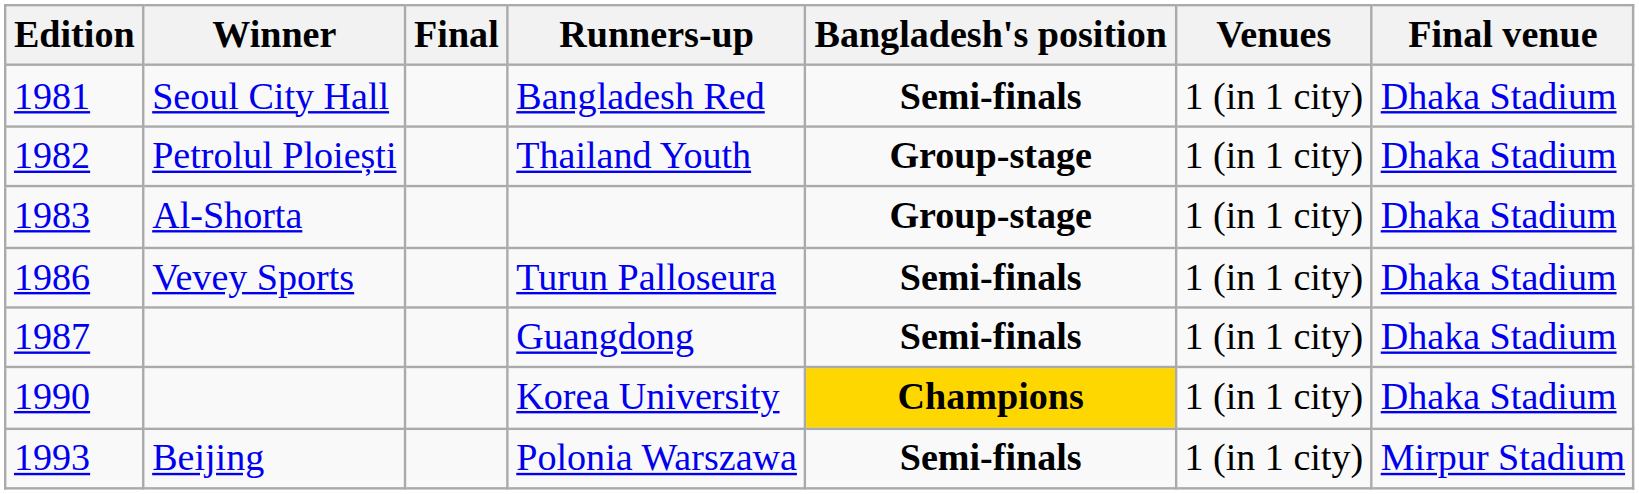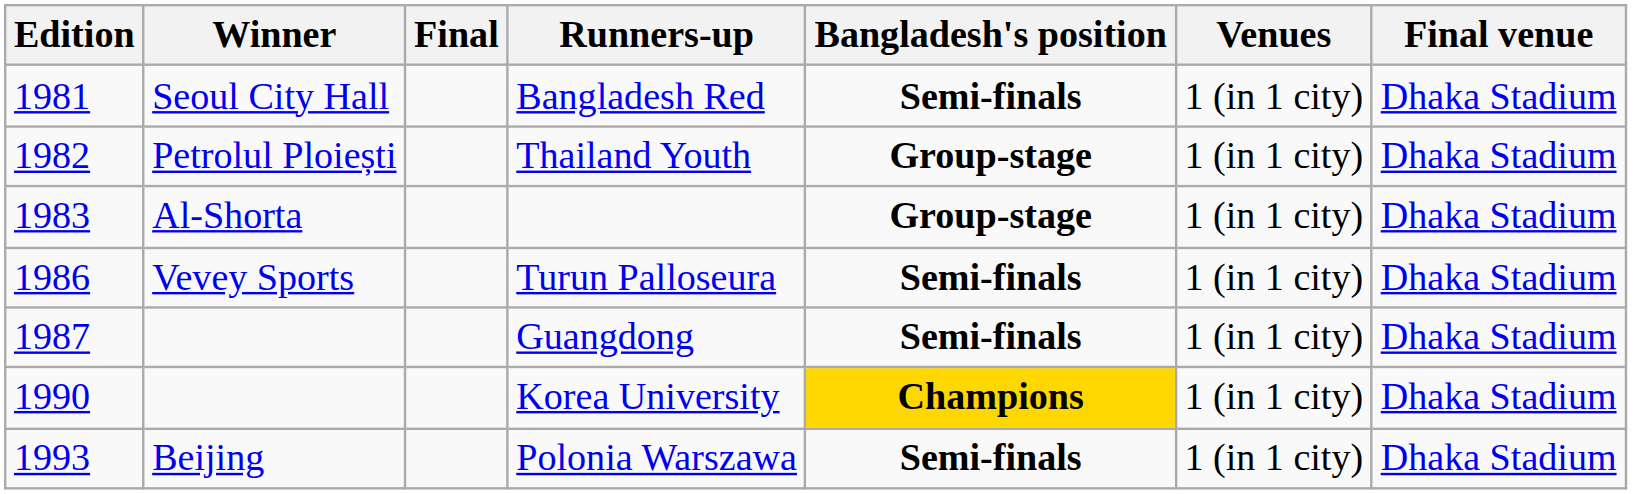 <table class="wikitable">
 <tr>
 <th>Edition</th>
 <th>Winner</th>
 <th>Final</th>
 <th>Runners-up</th>
 <th>Bangladesh's position</th>
 <th>Venues</th>
 <th>Final venue</th>
 </tr>
 <tr>
 <td><a href='#'>1981</a></td>
 <td> <a href='#'>Seoul City Hall</a></td>
 <td></td>
 <td> <a href='#'>Bangladesh Red</a></td>
 <td style="text-align:center"><strong>Semi-finals</strong></td>
 <td>1 (in 1 city)</td>
 <td><a href='#'>Dhaka Stadium</a></td>
 </tr>
 <tr>
 <td><a href='#'>1982</a></td>
 <td>  <a href='#'>Petrolul Ploiești</a></td>
 <td></td>
 <td> <a href='#'>Thailand Youth</a></td>
 <td align="center"><strong>Group-stage</strong></td>
 <td>1 (in 1 city)</td>
 <td><a href='#'>Dhaka Stadium</a></td>
 </tr>
 <tr>
 <td><a href='#'>1983</a></td>
 <td> <a href='#'>Al-Shorta</a></td>
 <td></td>
 <td></td>
 <td align="center"><strong>Group-stage</strong></td>
 <td>1 (in 1 city)</td>
 <td><a href='#'>Dhaka Stadium</a></td>
 </tr>
 <tr>
 <td><a href='#'>1986</a></td>
 <td> <a href='#'>Vevey Sports</a></td>
 <td></td>
 <td> <a href='#'>Turun Palloseura</a></td>
 <td style="text-align:center"><strong>Semi-finals</strong></td>
 <td>1 (in 1 city)</td>
 <td><a href='#'>Dhaka Stadium</a></td>
 </tr>
 <tr>
 <td><a href='#'>1987</a></td>
 <td></td>
 <td></td>
 <td> <a href='#'>Guangdong</a></td>
 <td style="text-align:center"><strong>Semi-finals</strong></td>
 <td>1 (in 1 city)</td>
 <td><a href='#'>Dhaka Stadium</a></td>
 </tr>
 <tr>
 <td><a href='#'>1990</a></td>
 <td></td>
 <td> </td>
 <td> <a href='#'>Korea University</a></td>
 <td bgcolor="gold" style="text-align:center"><strong>Champions</strong></td>
 <td>1 (in 1 city)</td>
 <td><a href='#'>Dhaka Stadium</a></td>
 </tr>
 <tr>
 <td><a href='#'>1993</a></td>
 <td> <a href='#'>Beijing</a></td>
 <td></td>
 <td> <a href='#'>Polonia Warszawa</a></td>
 <td style="text-align:center"><strong>Semi-finals</strong></td>
 <td>1 (in 1 city)</td>
-<td><a href='#'>Mirpur Stadium</a></td>
+<td><a href='#'>Dhaka Stadium</a></td>
 </tr>
 </table>
